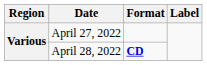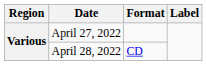 <table class="wikitable plainrowheaders">
 <tr>
 <th>Region</th>
 <th>Date</th>
 <th>Format</th>
 <th>Label</th>
 </tr>
 <tr>
 <th rowspan="2" scope="row">Various</th>
 <td>April 27, 2022</td>
 <td></td>
 <td rowspan="2"></td>
 </tr>
 <tr>
 <td>April 28, 2022</td>
-<td><strong><a href='#'>CD</a></strong></td>
+<td><a href='#'>CD</a></td>
 </tr>
 </table>
